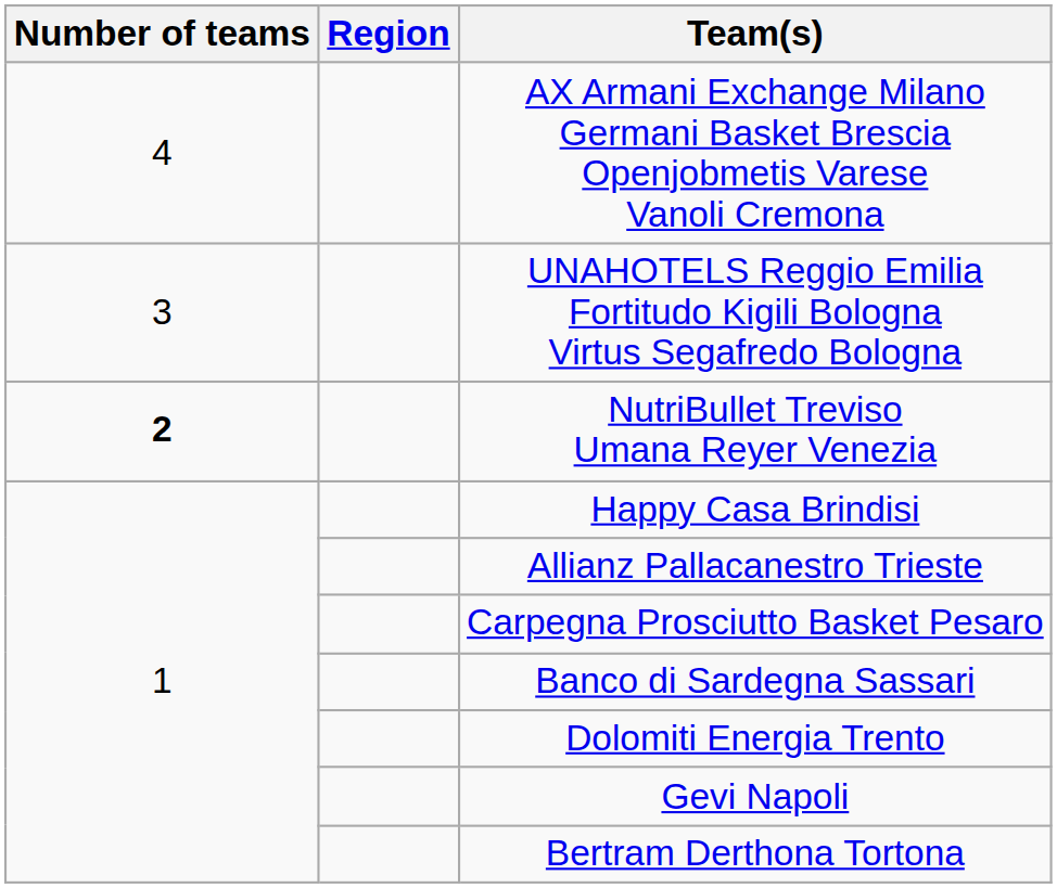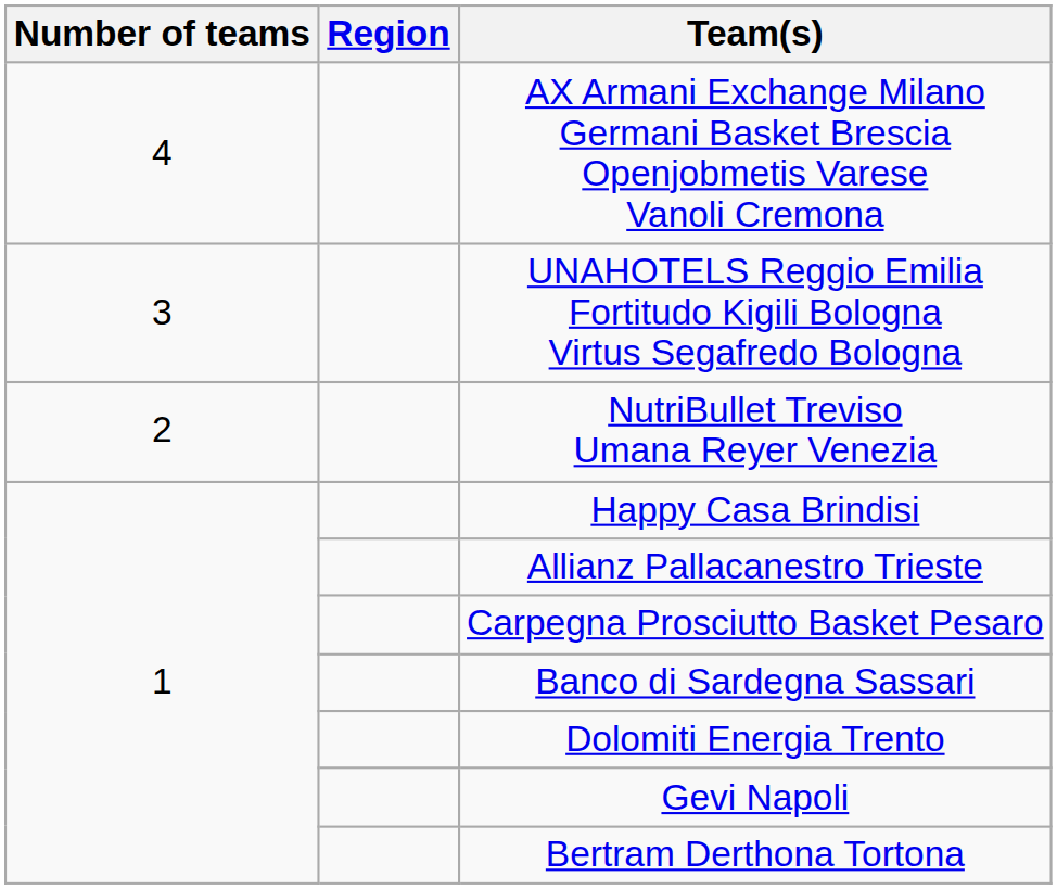 <table class="wikitable" style="text-align:center">
 <tr>
 <th>Number of teams</th>
 <th><a href='#'>Region</a></th>
 <th>Team(s)</th>
 </tr>
 <tr>
 <td rowspan="1">4</td>
 <td align="left"></td>
 <td><a href='#'>AX Armani Exchange Milano</a><br><a href='#'>Germani Basket Brescia</a><br><a href='#'>Openjobmetis Varese</a><br><a href='#'>Vanoli Cremona</a></td>
 </tr>
 <tr>
 <td rowspan="1">3</td>
 <td align="left"></td>
 <td><a href='#'>UNAHOTELS Reggio Emilia</a><br><a href='#'>Fortitudo Kigili Bologna</a><br><a href='#'>Virtus Segafredo Bologna</a></td>
 </tr>
 <tr>
-<td rowspan="1"><strong>2</strong></td>
+<td rowspan="1">2</td>
 <td align="left"></td>
 <td><a href='#'>NutriBullet Treviso</a><br><a href='#'>Umana Reyer Venezia</a></td>
 </tr>
 <tr>
 <td rowspan="7">1</td>
 <td align="left"></td>
 <td><a href='#'>Happy Casa Brindisi</a></td>
 </tr>
 <tr>
 <td align="left"></td>
 <td><a href='#'>Allianz Pallacanestro Trieste</a></td>
 </tr>
 <tr>
 <td align="left"></td>
 <td><a href='#'>Carpegna Prosciutto Basket Pesaro</a></td>
 </tr>
 <tr>
 <td align="left"></td>
 <td><a href='#'>Banco di Sardegna Sassari</a></td>
 </tr>
 <tr>
 <td align="left"></td>
 <td><a href='#'>Dolomiti Energia Trento</a></td>
 </tr>
 <tr>
 <td align="left"></td>
 <td><a href='#'>Gevi Napoli</a></td>
 </tr>
 <tr>
 <td align="left"></td>
 <td><a href='#'>Bertram Derthona Tortona</a></td>
 </tr>
 </table>
